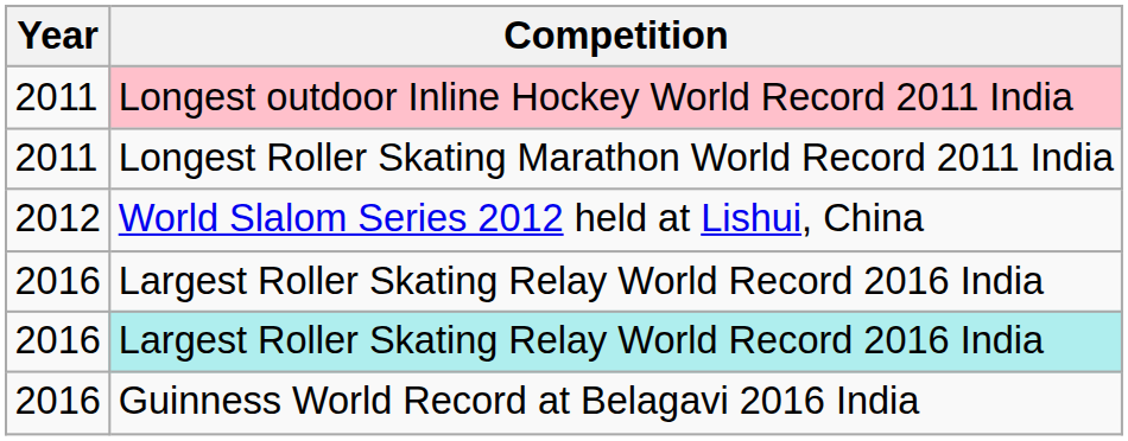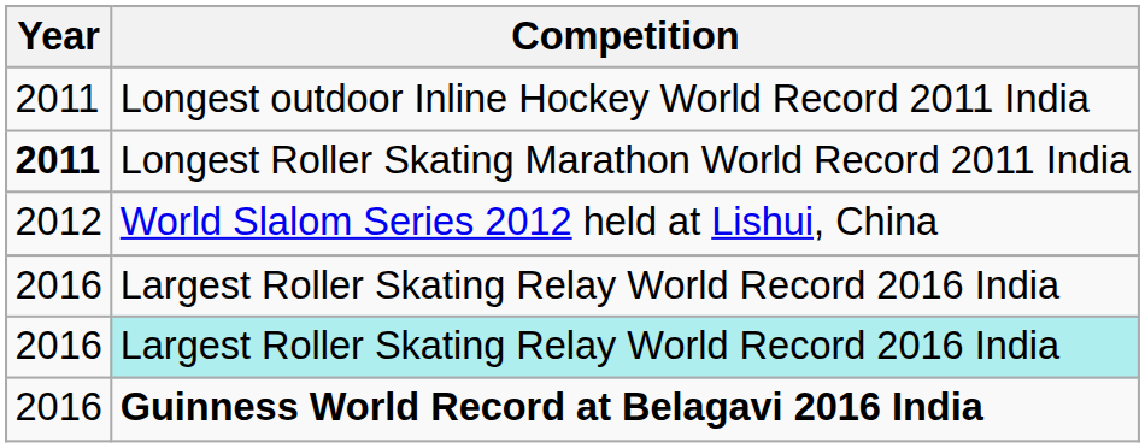 <table class="wikitable">
 <tr>
 <th>Year</th>
 <th>Competition</th>
 </tr>
 <tr>
 <td>2011</td>
-<td style="background: pink;">Longest outdoor Inline Hockey World Record 2011 India</td>
+<td>Longest outdoor Inline Hockey World Record 2011 India</td>
 </tr>
 <tr>
-<td>2011</td>
+<td><strong>2011</strong></td>
 <td>Longest Roller Skating Marathon World Record 2011 India</td>
 </tr>
 <tr>
 <td>2012</td>
 <td><a href='#'>World Slalom Series 2012</a> held at <a href='#'>Lishui</a>, China</td>
 </tr>
 <tr>
 <td>2016</td>
 <td>Largest Roller Skating Relay World Record 2016 India</td>
 </tr>
 <tr>
 <td>2016</td>
 <td style="background: paleturquoise;">Largest Roller Skating Relay World Record 2016 India</td>
 </tr>
 <tr>
 <td>2016</td>
-<td>Guinness World Record at Belagavi 2016 India</td>
+<td><strong>Guinness World Record at Belagavi 2016 India</strong></td>
 </tr>
 </table>
